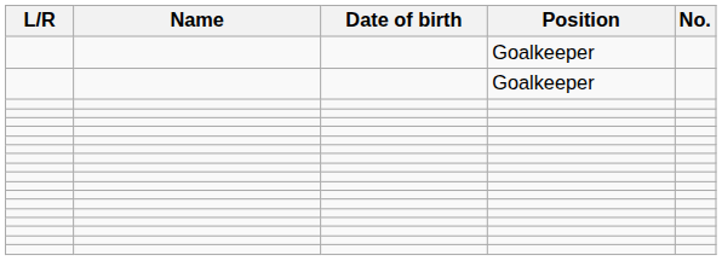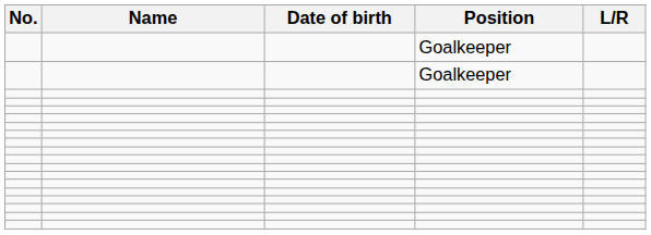 <table class="wikitable sortable" style=font-size:100%; text-align:center;>
 <tr>
-<th style=width:3em>L/R</th>
+<th>No.</th>
 <th style=width:12em>Name</th>
 <th style=width:8em>Date of birth</th>
 <th style=width:9em>Position</th>
-<th>No.</th>
+<th style=width:3em>L/R</th>
 </tr>
 <tr>
 <td></td>
 <td align=left></td>
 <td align=right></td>
 <td>Goalkeeper</td>
 <td></td>
 </tr>
 <tr>
 <td></td>
 <td align=left></td>
 <td align=right></td>
 <td>Goalkeeper</td>
 <td></td>
 </tr>
 <tr>
 <td></td>
 <td align=left></td>
 <td align=right></td>
 <td></td>
 <td></td>
 </tr>
 <tr>
 <td></td>
 <td align=left></td>
 <td align=right></td>
 <td></td>
 <td></td>
 </tr>
 <tr>
 <td></td>
 <td align=left></td>
 <td align=right></td>
 <td></td>
 <td></td>
 </tr>
 <tr>
 <td></td>
 <td align=left></td>
 <td align=right></td>
 <td></td>
 <td></td>
 </tr>
 <tr>
 <td></td>
 <td align=left></td>
 <td align=right></td>
 <td></td>
 <td></td>
 </tr>
 <tr>
 <td></td>
 <td align=left></td>
 <td align=right></td>
 <td></td>
 <td></td>
 </tr>
 <tr>
 <td></td>
 <td align=left></td>
 <td align=right></td>
 <td></td>
 <td></td>
 </tr>
 <tr>
 <td></td>
 <td align=left></td>
 <td align=right></td>
 <td></td>
 <td></td>
 </tr>
 <tr>
 <td></td>
 <td align=left></td>
 <td align=right></td>
 <td></td>
 <td></td>
 </tr>
 <tr>
 <td></td>
 <td align=left></td>
 <td align=right></td>
 <td></td>
 <td></td>
 </tr>
 <tr>
 <td></td>
 <td align=left></td>
 <td align=right></td>
 <td></td>
 <td></td>
 </tr>
 <tr>
 <td></td>
 <td align=left></td>
 <td align=right></td>
 <td></td>
 <td></td>
 </tr>
 <tr>
 <td></td>
 <td align=left></td>
 <td align=right></td>
 <td></td>
 <td></td>
 </tr>
 <tr>
 <td></td>
 <td align=left></td>
 <td align=right></td>
 <td></td>
 <td></td>
 </tr>
 <tr>
 <td></td>
 <td align=left></td>
 <td align=right></td>
 <td></td>
 <td></td>
 </tr>
 <tr>
 <td></td>
 <td align=left></td>
 <td align=right></td>
 <td></td>
 <td></td>
 </tr>
 <tr>
 <td></td>
 <td align=left></td>
 <td align=right></td>
 <td></td>
 <td></td>
 </tr>
 </table>
